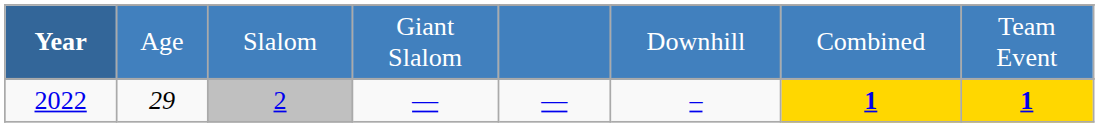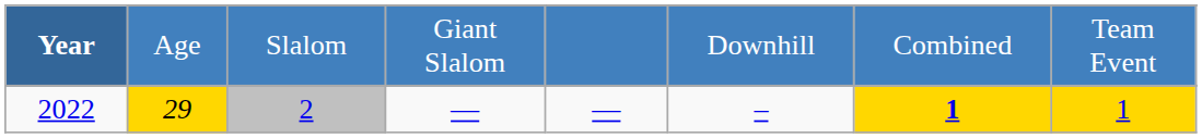 <table class="wikitable" style="font-size:95%; text-align:center; border:grey solid 1px; border-collapse:collapse;" width="40%">
 <tr style="background-color:#369; color:white;">
 <td rowspan="2" colspan="1" width="4%"><strong>Year</strong></td>
 </tr>
 <tr style="background-color:#4180be; color:white;">
 <td width="3%">Age</td>
 <td width="5%">Slalom</td>
 <td width="5%">Giant<br>Slalom</td>
 <td width="5%"></td>
 <td width="5%">Downhill</td>
 <td width="5%">Combined</td>
 <td width="5%">Team Event</td>
 </tr>
 <tr style="background-color:#8CB2D8; color:white;">
 </tr>
 <tr>
 <td><a href='#'>2022</a></td>
-<td><em>29</em></td>
+<td style="background: gold;"><em>29</em></td>
 <td style="background:silver;"><a href='#'>2</a></td>
 <td><a href='#'>—</a></td>
 <td><a href='#'>—</a></td>
 <td><a href='#'>–</a></td>
 <td style="background:gold;"><strong><a href='#'>1</a></strong></td>
-<td style="background:gold;"><strong><a href='#'>1</a></strong></td>
+<td style="background:gold;"><a href='#'>1</a></td>
 </tr>
 </table>
